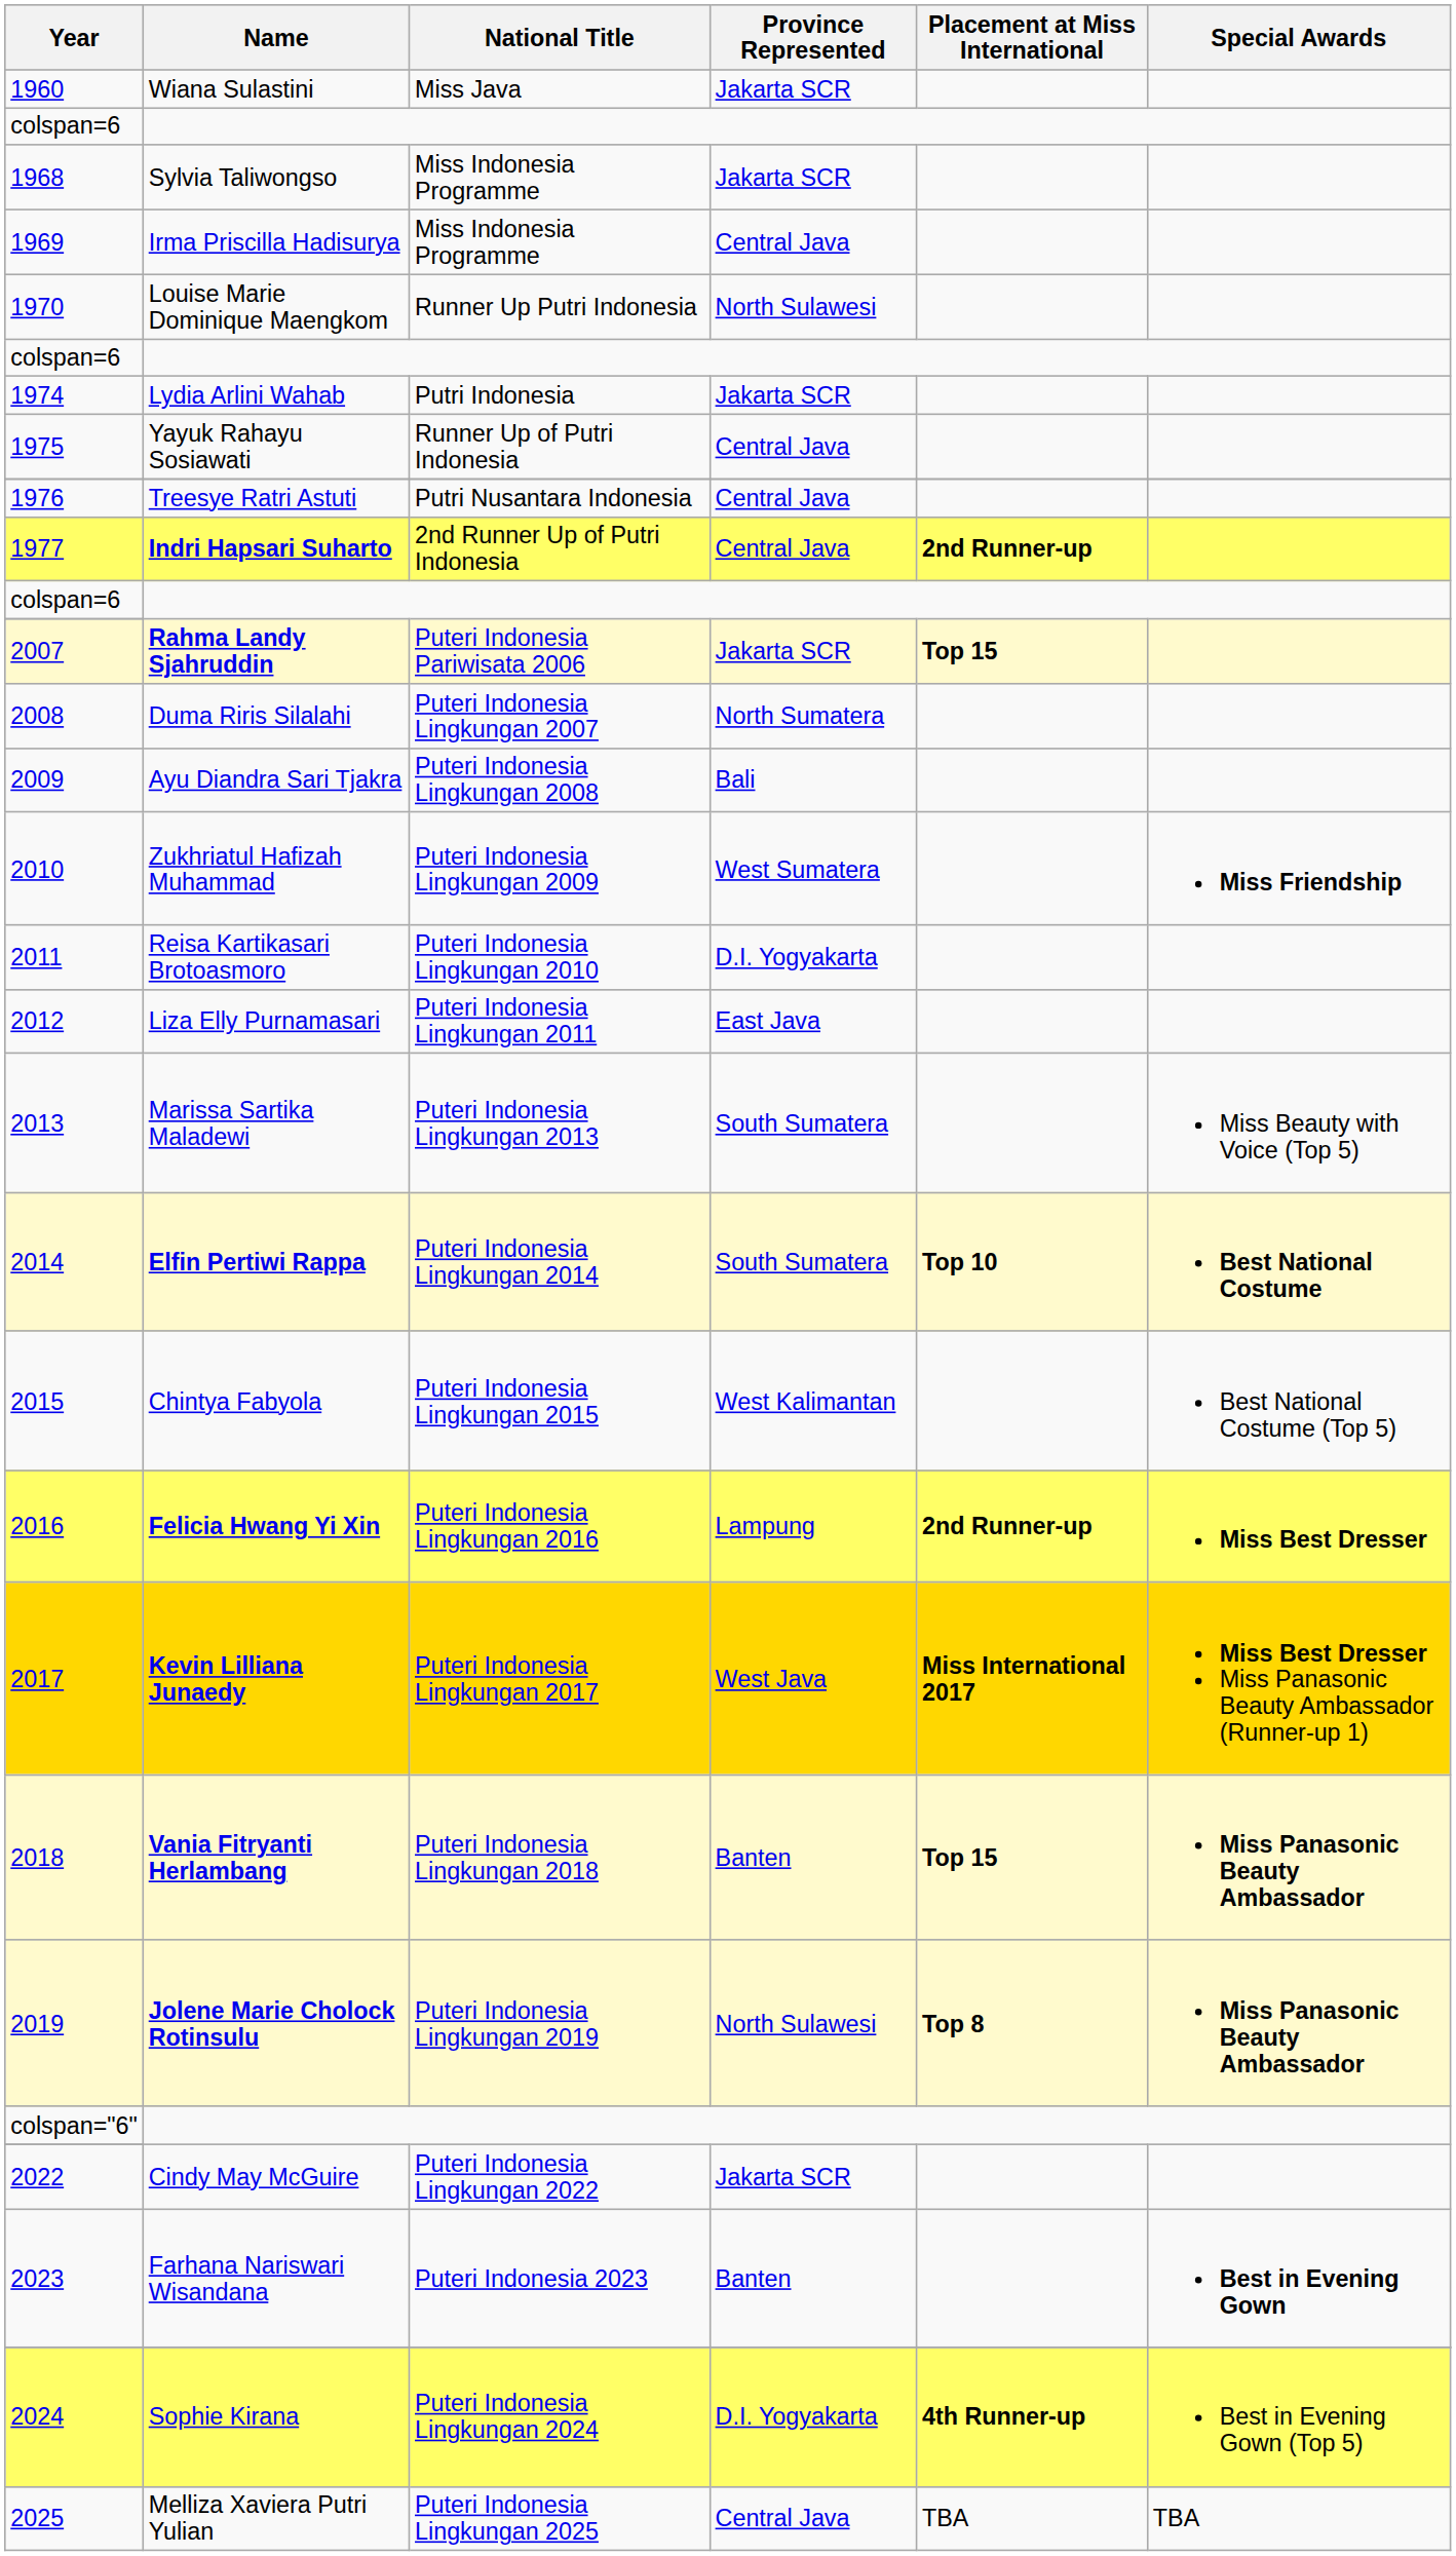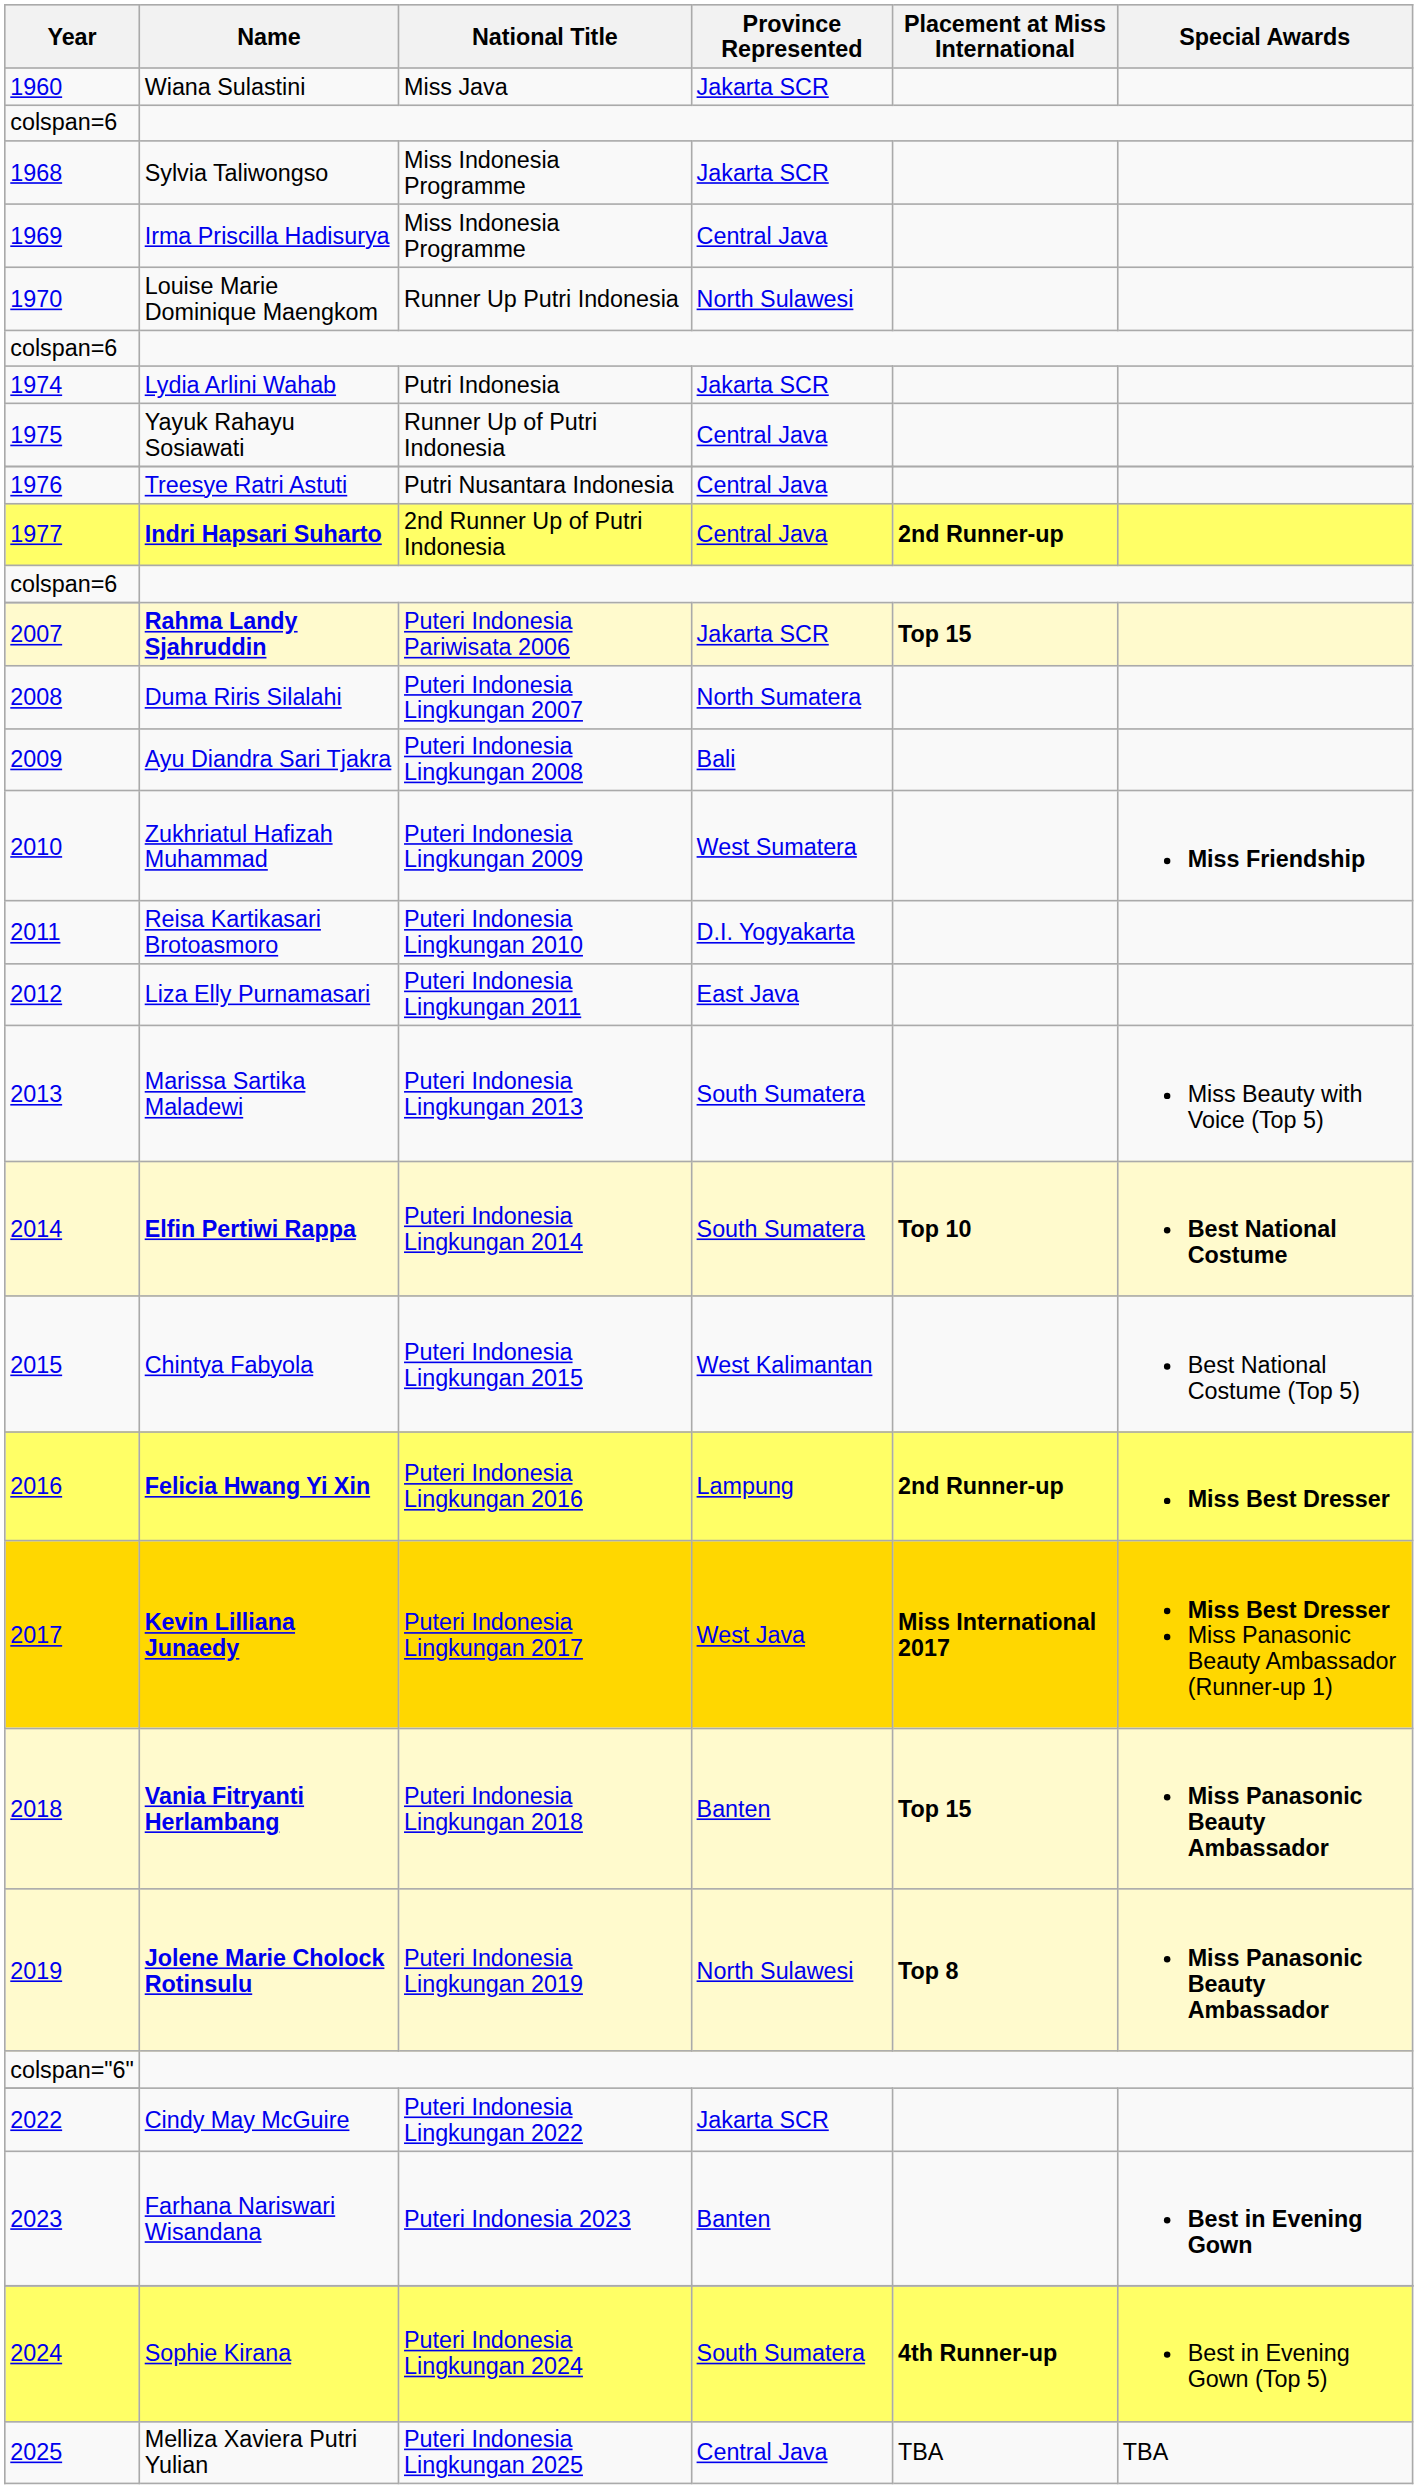 <table class="wikitable sortable" style="font-size: 90%;">
 <tr bgcolor="#efefef">
 <th width=3%>Year</th>
 <th width=20%>Name</th>
 <th width=23%>National Title</th>
 <th width=15%>Province Represented</th>
 <th width=17%>Placement at Miss International</th>
 <th width=43%>Special Awards</th>
 </tr>
 <tr>
 <td><a href='#'>1960</a></td>
 <td>Wiana Sulastini</td>
 <td>Miss Java</td>
 <td><a href='#'>Jakarta SCR</a></td>
 <td></td>
 <td></td>
 </tr>
 <tr>
 <td>colspan=6 </td>
 </tr>
 <tr>
 <td><a href='#'>1968</a></td>
 <td>Sylvia Taliwongso</td>
 <td>Miss Indonesia Programme</td>
 <td><a href='#'>Jakarta SCR</a></td>
 <td></td>
 <td></td>
 </tr>
 <tr>
 <td><a href='#'>1969</a></td>
 <td><a href='#'>Irma Priscilla Hadisurya</a></td>
 <td>Miss Indonesia Programme</td>
 <td><a href='#'>Central Java</a></td>
 <td></td>
 <td></td>
 </tr>
 <tr>
 <td><a href='#'>1970</a></td>
 <td>Louise Marie Dominique Maengkom</td>
 <td>Runner Up Putri Indonesia</td>
 <td><a href='#'>North Sulawesi</a></td>
 <td></td>
 <td></td>
 </tr>
 <tr>
 <td>colspan=6 </td>
 </tr>
 <tr>
 <td><a href='#'>1974</a></td>
 <td><a href='#'>Lydia Arlini Wahab</a></td>
 <td>Putri Indonesia</td>
 <td><a href='#'>Jakarta SCR</a></td>
 <td></td>
 <td></td>
 </tr>
 <tr>
 <td><a href='#'>1975</a></td>
 <td>Yayuk Rahayu Sosiawati</td>
 <td>Runner Up of Putri Indonesia</td>
 <td><a href='#'>Central Java</a></td>
 <td></td>
 <td></td>
 </tr>
 <tr>
 </tr>
 <tr>
 <td><a href='#'>1976</a></td>
 <td><a href='#'>Treesye Ratri Astuti</a></td>
 <td>Putri Nusantara Indonesia</td>
 <td><a href='#'>Central Java</a></td>
 <td></td>
 <td></td>
 </tr>
 <tr style="background-color:#FFFF66;">
 <td><a href='#'>1977</a></td>
 <td><strong><a href='#'>Indri Hapsari Suharto</a></strong></td>
 <td>2nd Runner Up of Putri Indonesia</td>
 <td><a href='#'>Central Java</a></td>
 <td><strong>2nd Runner-up</strong></td>
 <td></td>
 </tr>
 <tr>
 <td>colspan=6 </td>
 </tr>
 <tr>
 </tr>
 <tr style="background-color:#FFFACD;">
 <td><a href='#'>2007</a></td>
 <td><strong><a href='#'>Rahma Landy Sjahruddin</a></strong></td>
 <td><a href='#'>Puteri Indonesia Pariwisata 2006</a></td>
 <td><a href='#'>Jakarta SCR</a></td>
 <td><strong>Top 15</strong></td>
 <td></td>
 </tr>
 <tr>
 <td><a href='#'>2008</a></td>
 <td><a href='#'>Duma Riris Silalahi</a></td>
 <td><a href='#'>Puteri Indonesia Lingkungan 2007</a></td>
 <td><a href='#'>North Sumatera</a></td>
 <td></td>
 <td></td>
 </tr>
 <tr>
 <td><a href='#'>2009</a></td>
 <td><a href='#'>Ayu Diandra Sari Tjakra</a></td>
 <td><a href='#'>Puteri Indonesia Lingkungan 2008</a></td>
 <td><a href='#'>Bali</a></td>
 <td></td>
 <td></td>
 </tr>
 <tr>
 <td><a href='#'>2010</a></td>
 <td><a href='#'>Zukhriatul Hafizah Muhammad</a></td>
 <td><a href='#'>Puteri Indonesia Lingkungan 2009</a></td>
 <td><a href='#'>West Sumatera</a></td>
 <td></td>
 <td align="left"><br><ul><li><strong>Miss Friendship</strong></li></ul></td>
 </tr>
 <tr>
 <td><a href='#'>2011</a></td>
 <td><a href='#'>Reisa Kartikasari Brotoasmoro</a></td>
 <td><a href='#'>Puteri Indonesia Lingkungan 2010</a></td>
 <td><a href='#'>D.I. Yogyakarta</a></td>
 <td></td>
 <td></td>
 </tr>
 <tr>
 <td><a href='#'>2012</a></td>
 <td><a href='#'>Liza Elly Purnamasari</a></td>
 <td><a href='#'>Puteri Indonesia Lingkungan 2011</a></td>
 <td><a href='#'>East Java</a></td>
 <td></td>
 <td></td>
 </tr>
 <tr>
 <td><a href='#'>2013</a></td>
 <td><a href='#'>Marissa Sartika Maladewi</a></td>
 <td><a href='#'>Puteri Indonesia Lingkungan 2013</a></td>
 <td><a href='#'>South Sumatera</a></td>
 <td></td>
 <td align="left"><br><ul><li>Miss Beauty with Voice (Top 5)</li></ul></td>
 </tr>
 <tr style="background-color:#FFFACD;">
 <td><a href='#'>2014</a></td>
 <td><strong><a href='#'>Elfin Pertiwi Rappa</a></strong></td>
 <td><a href='#'>Puteri Indonesia Lingkungan 2014</a></td>
 <td><a href='#'>South Sumatera</a></td>
 <td><strong>Top 10</strong></td>
 <td align="left"><br><ul><li><strong>Best National Costume</strong></li></ul></td>
 </tr>
 <tr>
 <td><a href='#'>2015</a></td>
 <td><a href='#'>Chintya Fabyola</a></td>
 <td><a href='#'>Puteri Indonesia Lingkungan 2015</a></td>
 <td><a href='#'>West Kalimantan</a></td>
 <td></td>
 <td align="left"><br><ul><li>Best National Costume (Top 5)</li></ul></td>
 </tr>
 <tr style="background-color:#FFFF66;">
 <td><a href='#'>2016</a></td>
 <td><strong><a href='#'>Felicia Hwang Yi Xin</a></strong></td>
 <td><a href='#'>Puteri Indonesia Lingkungan 2016</a></td>
 <td><a href='#'>Lampung</a></td>
 <td><strong>2nd Runner-up</strong></td>
 <td align="left"><br><ul><li><strong>Miss Best Dresser</strong></li></ul></td>
 </tr>
 <tr style="background-color:gold;">
 <td><a href='#'>2017</a></td>
 <td><strong><a href='#'>Kevin Lilliana Junaedy</a></strong></td>
 <td><a href='#'>Puteri Indonesia Lingkungan 2017</a></td>
 <td><a href='#'>West Java</a></td>
 <td><strong>Miss International 2017</strong></td>
 <td align="left"><br><ul><li><strong>Miss Best Dresser</strong></li><li>Miss Panasonic Beauty Ambassador (Runner-up 1)</li></ul></td>
 </tr>
 <tr style="background-color:#FFFACD;">
 <td><a href='#'>2018</a></td>
 <td><strong><a href='#'>Vania Fitryanti Herlambang</a></strong></td>
 <td><a href='#'>Puteri Indonesia Lingkungan 2018</a></td>
 <td><a href='#'>Banten</a></td>
 <td><strong>Top 15</strong></td>
 <td align="left"><br><ul><li><strong>Miss Panasonic Beauty Ambassador</strong></li></ul></td>
 </tr>
 <tr style="background-color:#FFFACD;">
 <td><a href='#'>2019</a></td>
 <td><strong><a href='#'>Jolene Marie Cholock Rotinsulu</a></strong></td>
 <td><a href='#'>Puteri Indonesia Lingkungan 2019</a></td>
 <td><a href='#'>North Sulawesi</a></td>
 <td><strong>Top 8</strong></td>
 <td align="left"><br><ul><li><strong>Miss Panasonic Beauty Ambassador</strong></li></ul></td>
 </tr>
 <tr>
 <td>colspan="6"  </td>
 </tr>
 <tr style="background">
 </tr>
 <tr>
 <td><a href='#'>2022</a></td>
 <td><a href='#'>Cindy May McGuire</a></td>
 <td><a href='#'>Puteri Indonesia Lingkungan 2022</a></td>
 <td><a href='#'>Jakarta SCR</a></td>
 <td></td>
 <td></td>
 </tr>
 <tr>
 <td><a href='#'>2023</a></td>
 <td><a href='#'>Farhana Nariswari Wisandana</a></td>
 <td><a href='#'>Puteri Indonesia 2023</a></td>
 <td><a href='#'>Banten</a></td>
 <td></td>
 <td align="left"><br><ul><li><strong>Best in Evening Gown</strong></li></ul></td>
 </tr>
 <tr>
 </tr>
 <tr style="background-color:#FFFF66;">
 <td><a href='#'>2024</a></td>
 <td><a href='#'>Sophie Kirana</a></td>
 <td><a href='#'>Puteri Indonesia Lingkungan 2024</a></td>
-<td><a href='#'>D.I. Yogyakarta</a></td>
+<td><a href='#'>South Sumatera</a></td>
 <td><strong>4th Runner-up</strong></td>
 <td><br><ul><li>Best in Evening Gown (Top 5)</li></ul></td>
 </tr>
 <tr>
 <td><a href='#'>2025</a></td>
 <td>Melliza Xaviera Putri Yulian</td>
 <td><a href='#'>Puteri Indonesia Lingkungan 2025</a></td>
 <td><a href='#'>Central Java</a></td>
 <td>TBA</td>
 <td>TBA</td>
 </tr>
 </table>
